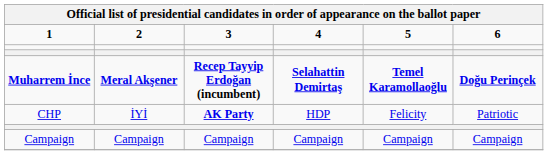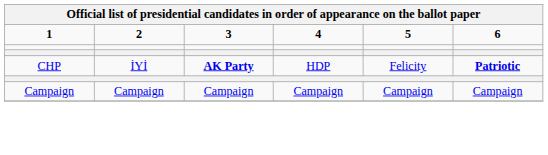 <table class="wikitable" style="font-size:90%; text-align:center;">
 <tr>
 <th colspan=6>Official list of presidential candidates in order of appearance on the ballot paper</th>
 </tr>
 <tr>
 <td><strong>1</strong></td>
 <td><strong>2</strong></td>
 <td><strong>3</strong></td>
 <td><strong>4</strong></td>
 <td><strong>5</strong></td>
 <td><strong>6</strong></td>
 </tr>
 <tr>
 <td></td>
 <td></td>
 <td></td>
 <td></td>
 <td></td>
 <td></td>
 </tr>
 <tr>
 <th style="width:100px; font-size:100%; background:"></th>
 <th style="width:100px; font-size:100%; background:"></th>
 <th style="width:100px; font-size:100%; background:"></th>
 <th style="width:100px; font-size:100%; background:"></th>
 <th style="width:100px; font-size:100%; background:"></th>
 <th style="width:100px; font-size:100%; background:"></th>
 </tr>
 <tr>
-<td><strong><a href='#'>Muharrem İnce</a></strong></td>
-<td><strong><a href='#'>Meral Akşener</a></strong></td>
-<td><strong><a href='#'>Recep Tayyip Erdoğan</a> (incumbent)</strong></td>
-<td><strong><a href='#'>Selahattin Demirtaş</a></strong></td>
-<td><strong><a href='#'>Temel Karamollaoğlu</a></strong></td>
-<td><strong><a href='#'>Doğu Perinçek</a></strong></td>
-</tr>
-<tr>
 <td><a href='#'>CHP</a><br></td>
 <td><a href='#'>İYİ</a><br></td>
 <td><strong><a href='#'>AK Party</a><br></strong></td>
 <td><a href='#'>HDP</a><br></td>
 <td><a href='#'>Felicity</a><br></td>
-<td><a href='#'>Patriotic</a><br></td>
+<td><strong><a href='#'>Patriotic</a><br></strong></td>
 </tr>
 <tr>
 <th colspan=6></th>
 </tr>
 <tr>
 <td><a href='#'>Campaign</a></td>
 <td><a href='#'>Campaign</a></td>
 <td><a href='#'>Campaign</a></td>
 <td><a href='#'>Campaign</a></td>
 <td><a href='#'>Campaign</a></td>
 <td><a href='#'>Campaign</a></td>
 </tr>
 <tr>
 </tr>
 </table>
